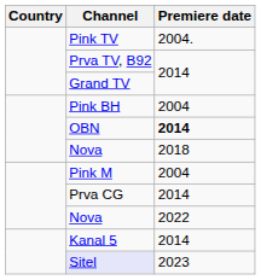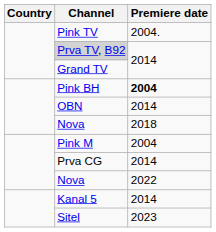 <table class="wikitable sortable">
 <tr>
 <th>Country</th>
 <th>Channel</th>
 <th>Premiere date</th>
 </tr>
 <tr>
 <td rowspan="3"></td>
 <td><a href='#'>Pink TV</a></td>
 <td>2004.</td>
 </tr>
 <tr>
-<td><a href='#'>Prva TV</a>, <a href='#'>B92</a></td>
+<td style="background: lightgrey;"><a href='#'>Prva TV</a>, <a href='#'>B92</a></td>
 <td rowspan="2">2014</td>
 </tr>
 <tr>
 <td><a href='#'>Grand TV</a></td>
 </tr>
 <tr>
 <td rowspan="3"></td>
 <td><a href='#'>Pink BH</a></td>
-<td>2004</td>
+<td><strong>2004</strong></td>
 </tr>
 <tr>
 <td><a href='#'>OBN</a></td>
-<td><strong>2014</strong></td>
+<td>2014</td>
 </tr>
 <tr>
 <td><a href='#'>Nova</a></td>
 <td>2018</td>
 </tr>
 <tr>
 <td rowspan="3"></td>
 <td><a href='#'>Pink M</a></td>
 <td>2004</td>
 </tr>
 <tr>
 <td>Prva CG</td>
 <td>2014</td>
 </tr>
 <tr>
 <td><a href='#'>Nova</a></td>
 <td>2022</td>
 </tr>
 <tr>
 <td rowspan="2"></td>
 <td><a href='#'>Kanal 5</a></td>
 <td>2014</td>
 </tr>
 <tr>
-<td style="background: lavender;"><a href='#'>Sitel</a></td>
+<td><a href='#'>Sitel</a></td>
 <td>2023</td>
 </tr>
 </table>
